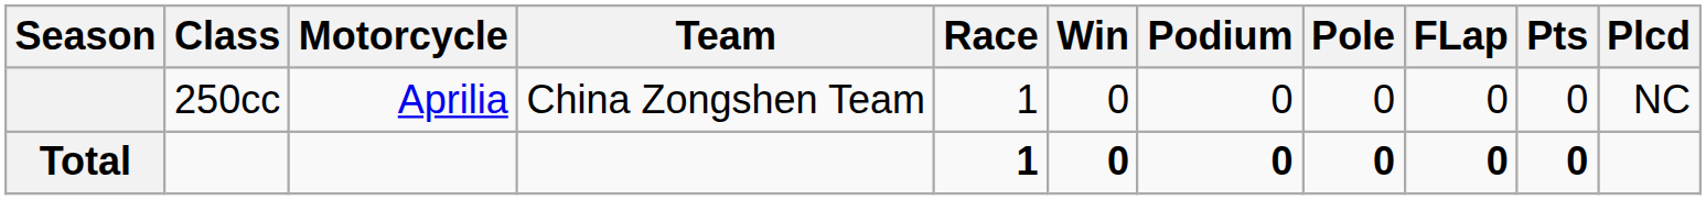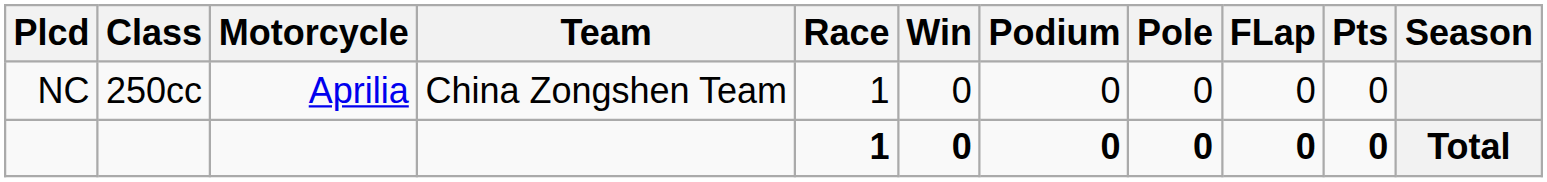 <table class="wikitable">
 <tr>
-<th>Season</th>
+<th>Plcd</th>
 <th>Class</th>
 <th>Motorcycle</th>
 <th>Team</th>
 <th>Race</th>
 <th>Win</th>
 <th>Podium</th>
 <th>Pole</th>
 <th>FLap</th>
 <th>Pts</th>
-<th>Plcd</th>
+<th>Season</th>
 </tr>
 <tr align="right">
-<th></th>
+<td>NC</td>
 <td>250cc</td>
 <td><a href='#'>Aprilia</a></td>
 <td>China Zongshen Team</td>
 <td>1</td>
 <td>0</td>
 <td>0</td>
 <td>0</td>
 <td>0</td>
 <td>0</td>
-<td>NC</td>
+<th></th>
 </tr>
 <tr align="right">
-<th>Total</th>
+<td></td>
 <td></td>
 <td></td>
 <td></td>
 <td><strong>1</strong></td>
 <td><strong>0</strong></td>
 <td><strong>0</strong></td>
 <td><strong>0</strong></td>
 <td><strong>0</strong></td>
 <td><strong>0</strong></td>
-<td></td>
+<th>Total</th>
 </tr>
 </table>
